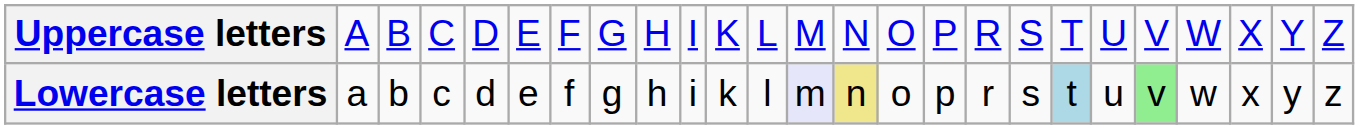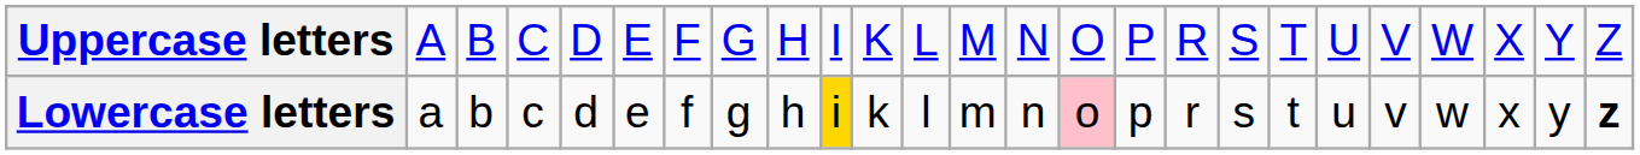 <table class="wikitable" style="text-align:center; table-layout:fixed">
 <tr>
 <th><a href='#'>Uppercase</a> letters</th>
 <td><a href='#'>A</a></td>
 <td><a href='#'>B</a></td>
 <td><a href='#'>C</a></td>
 <td><a href='#'>D</a></td>
 <td><a href='#'>E</a></td>
 <td><a href='#'>F</a></td>
 <td><a href='#'>G</a></td>
 <td><a href='#'>H</a></td>
 <td><a href='#'>I</a></td>
 <td><a href='#'>K</a></td>
 <td><a href='#'>L</a></td>
 <td><a href='#'>M</a></td>
 <td><a href='#'>N</a></td>
 <td><a href='#'>O</a></td>
 <td><a href='#'>P</a></td>
 <td><a href='#'>R</a></td>
 <td><a href='#'>S</a></td>
 <td><a href='#'>T</a></td>
 <td><a href='#'>U</a></td>
 <td><a href='#'>V</a></td>
 <td><a href='#'>W</a></td>
 <td><a href='#'>X</a></td>
 <td><a href='#'>Y</a></td>
 <td><a href='#'>Z</a></td>
 </tr>
 <tr>
 <th><a href='#'>Lowercase</a> letters</th>
 <td>a</td>
 <td>b</td>
 <td>c</td>
 <td>d</td>
 <td>e</td>
 <td>f</td>
 <td>g</td>
 <td>h</td>
-<td>i</td>
+<td style="background: gold;">i</td>
 <td>k</td>
 <td>l</td>
-<td style="background: lavender;">m</td>
-<td style="background: khaki;">n</td>
-<td>o</td>
+<td>m</td>
+<td>n</td>
+<td style="background: pink;">o</td>
 <td>p</td>
 <td>r</td>
 <td>s</td>
-<td style="background: lightblue;">t</td>
+<td>t</td>
 <td>u</td>
-<td style="background: lightgreen;">v</td>
+<td>v</td>
 <td>w</td>
 <td>x</td>
 <td>y</td>
-<td>z</td>
+<td><strong>z</strong></td>
 </tr>
 </table>
